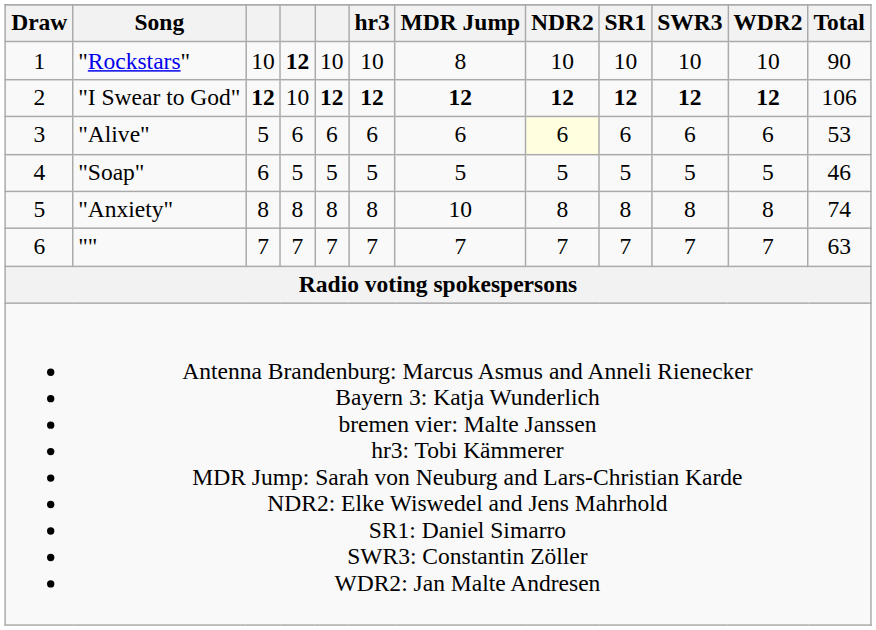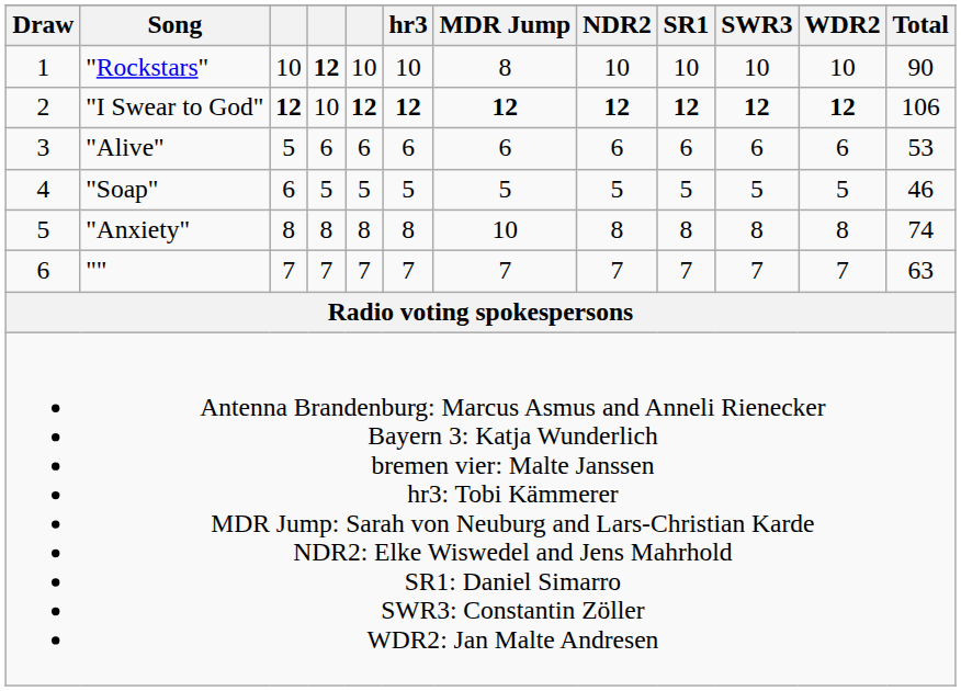 <table class="wikitable collapsible" style="margin: 1em auto 1em auto; text-align:center;">
 <tr>
 </tr>
 <tr>
 <th>Draw</th>
 <th>Song</th>
 <th><br></th>
 <th><br></th>
 <th><br></th>
 <th>hr3<br></th>
 <th>MDR Jump<br></th>
 <th>NDR2<br></th>
 <th>SR1<br></th>
 <th>SWR3<br></th>
 <th>WDR2<br></th>
 <th>Total</th>
 </tr>
 <tr>
 <td>1</td>
 <td align=left>"<a href='#'>Rockstars</a>"</td>
 <td>10</td>
 <td><strong>12</strong></td>
 <td>10</td>
 <td>10</td>
 <td>8</td>
 <td>10</td>
 <td>10</td>
 <td>10</td>
 <td>10</td>
 <td>90</td>
 </tr>
 <tr>
 <td>2</td>
 <td align=left>"I Swear to God"</td>
 <td><strong>12</strong></td>
 <td>10</td>
 <td><strong>12</strong></td>
 <td><strong>12</strong></td>
 <td><strong>12</strong></td>
 <td><strong>12</strong></td>
 <td><strong>12</strong></td>
 <td><strong>12</strong></td>
 <td><strong>12</strong></td>
 <td>106</td>
 </tr>
 <tr>
 <td>3</td>
 <td align=left>"Alive"</td>
 <td>5</td>
 <td>6</td>
 <td>6</td>
 <td>6</td>
 <td>6</td>
-<td style="background: lightyellow;">6</td>
+<td>6</td>
 <td>6</td>
 <td>6</td>
 <td>6</td>
 <td>53</td>
 </tr>
 <tr>
 <td>4</td>
 <td align=left>"Soap"</td>
 <td>6</td>
 <td>5</td>
 <td>5</td>
 <td>5</td>
 <td>5</td>
 <td>5</td>
 <td>5</td>
 <td>5</td>
 <td>5</td>
 <td>46</td>
 </tr>
 <tr>
 <td>5</td>
 <td align=left>"Anxiety"</td>
 <td>8</td>
 <td>8</td>
 <td>8</td>
 <td>8</td>
 <td>10</td>
 <td>8</td>
 <td>8</td>
 <td>8</td>
 <td>8</td>
 <td>74</td>
 </tr>
 <tr>
 <td>6</td>
 <td align=left>""</td>
 <td>7</td>
 <td>7</td>
 <td>7</td>
 <td>7</td>
 <td>7</td>
 <td>7</td>
 <td>7</td>
 <td>7</td>
 <td>7</td>
 <td>63</td>
 </tr>
 <tr>
 <th colspan="12">Radio voting spokespersons</th>
 </tr>
 <tr class="sortbottom">
 <td colspan="12"><br><ul><li>Antenna Brandenburg: Marcus Asmus and Anneli Rienecker</li><li>Bayern 3: Katja Wunderlich</li><li>bremen vier: Malte Janssen</li><li>hr3: Tobi Kämmerer</li><li>MDR Jump: Sarah von Neuburg and Lars-Christian Karde</li><li>NDR2: Elke Wiswedel and Jens Mahrhold</li><li>SR1: Daniel Simarro</li><li>SWR3: Constantin Zöller</li><li>WDR2: Jan Malte Andresen</li></ul></td>
 </tr>
 </table>
